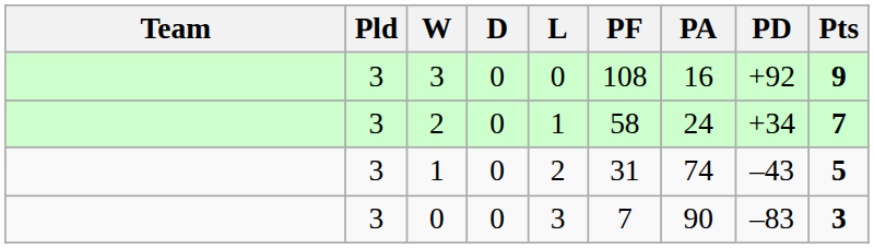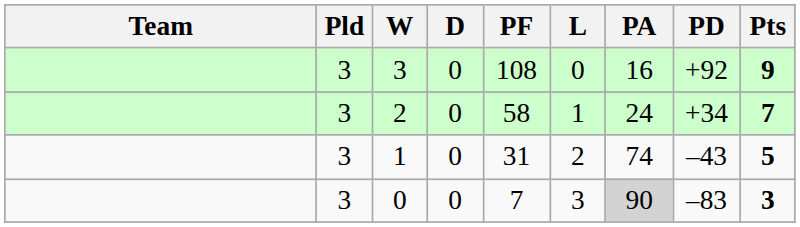 <table class="wikitable" style="text-align:center;">
 <tr>
 <th width=175>Team</th>
 <th width=25 abbr="Played">Pld</th>
 <th width=25 abbr="Won">W</th>
 <th width=25 abbr="Drawn">D</th>
+<th width=32 abbr="Points for">PF</th>
 <th width=25 abbr="Lost">L</th>
-<th width=32 abbr="Points for">PF</th>
 <th width=32 abbr="Points against">PA</th>
 <th width=32 abbr="Points difference">PD</th>
 <th width=25 abbr="Points">Pts</th>
 </tr>
 <tr bgcolor=ccffcc>
 <td align=left></td>
 <td>3</td>
 <td>3</td>
 <td>0</td>
+<td>108</td>
 <td>0</td>
-<td>108</td>
 <td>16</td>
 <td>+92</td>
 <td><strong>9</strong></td>
 </tr>
 <tr bgcolor=ccffcc>
 <td align=left></td>
 <td>3</td>
 <td>2</td>
 <td>0</td>
+<td>58</td>
 <td>1</td>
-<td>58</td>
 <td>24</td>
 <td>+34</td>
 <td><strong>7</strong></td>
 </tr>
 <tr>
 <td align=left></td>
 <td>3</td>
 <td>1</td>
 <td>0</td>
+<td>31</td>
 <td>2</td>
-<td>31</td>
 <td>74</td>
 <td>–43</td>
 <td><strong>5</strong></td>
 </tr>
 <tr>
 <td align=left></td>
 <td>3</td>
 <td>0</td>
 <td>0</td>
+<td>7</td>
 <td>3</td>
-<td>7</td>
-<td>90</td>
+<td style="background: lightgrey;">90</td>
 <td>–83</td>
 <td><strong>3</strong></td>
 </tr>
 </table>
